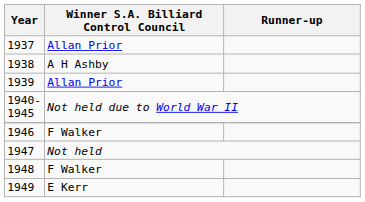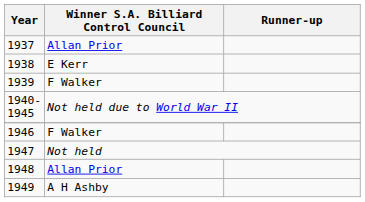 <table class="wikitable">
 <tr>
 <th width=40>Year</th>
 <th width=200>Winner S.A. Billiard Control Council</th>
 <th width=150>Runner-up</th>
 </tr>
 <tr>
 <td>1937</td>
 <td><a href='#'>Allan Prior</a></td>
 <td></td>
 </tr>
 <tr>
 <td>1938</td>
-<td>A H Ashby</td>
+<td>E Kerr</td>
 <td></td>
 </tr>
 <tr>
 <td>1939</td>
-<td><a href='#'>Allan Prior</a></td>
+<td>F Walker</td>
 <td></td>
 </tr>
 <tr>
 <td>1940-1945</td>
 <td colspan=2><em>Not held due to <a href='#'>World War II</a></em></td>
 </tr>
 <tr>
 </tr>
 <tr>
 <td>1946</td>
 <td>F Walker</td>
 <td></td>
 </tr>
 <tr>
 <td>1947</td>
 <td colspan=2><em>Not held</em></td>
 </tr>
 <tr>
 <td>1948</td>
-<td>F Walker</td>
+<td><a href='#'>Allan Prior</a></td>
 <td></td>
 </tr>
 <tr>
 <td>1949</td>
-<td>E Kerr</td>
+<td>A H Ashby</td>
 <td></td>
 </tr>
 </table>
